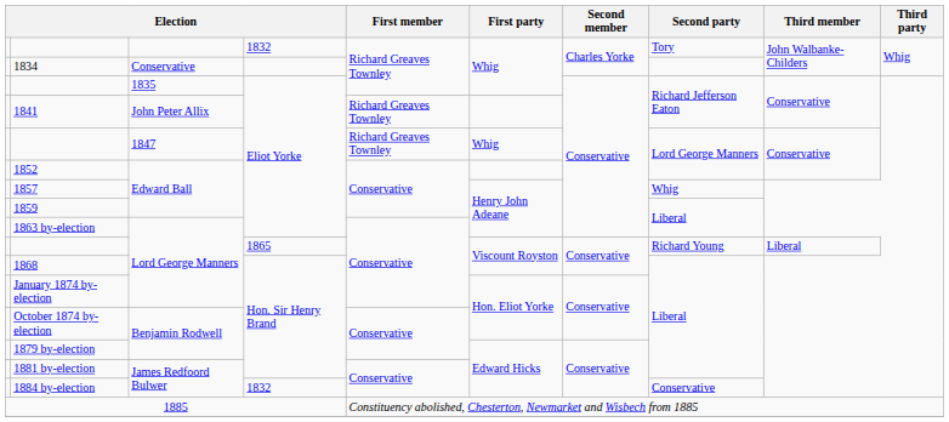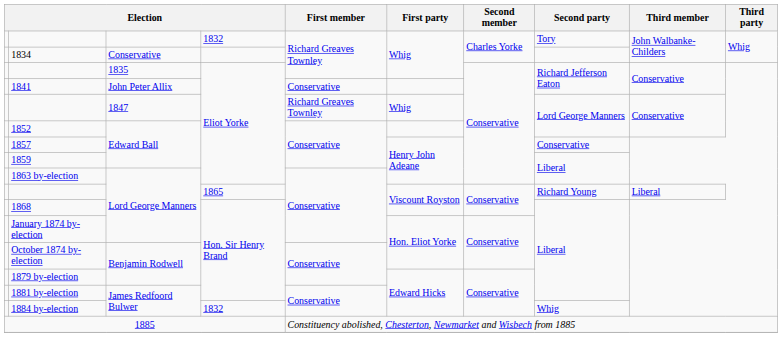 <table class="wikitable">
 <tr>
 <th colspan="4">Election</th>
 <th>First member</th>
 <th>First party</th>
 <th>Second member</th>
 <th>Second party</th>
 <th>Third member</th>
 <th>Third party</th>
 </tr>
 <tr>
 <td style="color:inherit;background-color: "></td>
 <td style="color:inherit;background-color: "></td>
 <td style="color:inherit;background-color: "></td>
 <td><a href='#'>1832</a></td>
 <td rowspan="3"><a href='#'>Richard Greaves Townley</a></td>
 <td rowspan="3"><a href='#'>Whig</a></td>
 <td rowspan="2"><a href='#'>Charles Yorke</a></td>
 <td><a href='#'>Tory</a></td>
 <td rowspan="2"><a href='#'>John Walbanke-Childers</a></td>
 <td rowspan="2"><a href='#'>Whig</a></td>
 </tr>
 <tr>
 <td style="color:inherit;background-color: "></td>
 <td>1834</td>
 <td><a href='#'>Conservative</a></td>
 </tr>
 <tr>
 <td style="color:inherit;background-color: "></td>
 <td style="color:inherit;background-color: "></td>
 <td><a href='#'>1835</a></td>
 <td rowspan="7"><a href='#'>Eliot Yorke</a></td>
 <td rowspan="7"><a href='#'>Conservative</a></td>
 <td rowspan="2"><a href='#'>Richard Jefferson Eaton</a></td>
 <td rowspan="2"><a href='#'>Conservative</a></td>
 </tr>
 <tr>
 <td style="color:inherit;background-color: "></td>
 <td><a href='#'>1841</a></td>
 <td><a href='#'>John Peter Allix</a></td>
-<td><a href='#'>Richard Greaves Townley</a></td>
+<td><a href='#'>Conservative</a></td>
 </tr>
 <tr>
 <td style="color:inherit;background-color: "></td>
 <td style="color:inherit;background-color: "></td>
 <td><a href='#'>1847</a></td>
 <td><a href='#'>Richard Greaves Townley</a></td>
 <td><a href='#'>Whig</a></td>
 <td rowspan="2"><a href='#'>Lord George Manners</a></td>
 <td rowspan="2"><a href='#'>Conservative</a></td>
 </tr>
 <tr>
 <td style="color:inherit;background-color: "></td>
 <td><a href='#'>1852</a></td>
 <td rowspan="3"><a href='#'>Edward Ball</a></td>
 <td rowspan="3"><a href='#'>Conservative</a></td>
 </tr>
 <tr>
 <td style="color:inherit;background-color: "></td>
 <td><a href='#'>1857</a></td>
 <td rowspan="3"><a href='#'>Henry John Adeane</a></td>
-<td><a href='#'>Whig</a></td>
+<td><a href='#'>Conservative</a></td>
 </tr>
 <tr>
 <td style="color:inherit;background-color: "></td>
 <td><a href='#'>1859</a></td>
 <td rowspan="2"><a href='#'>Liberal</a></td>
 </tr>
 <tr>
 <td style="color:inherit;background-color: "></td>
 <td><a href='#'>1863 by-election</a></td>
 <td rowspan="4"><a href='#'>Lord George Manners</a></td>
 <td rowspan="4"><a href='#'>Conservative</a></td>
 </tr>
 <tr>
 <td style="color:inherit;background-color: "></td>
 <td style="color:inherit;background-color: "></td>
 <td><a href='#'>1865</a></td>
 <td rowspan="2"><a href='#'>Viscount Royston</a></td>
 <td rowspan="2"><a href='#'>Conservative</a></td>
 <td><a href='#'>Richard Young</a></td>
 <td><a href='#'>Liberal</a></td>
 </tr>
 <tr>
 <td style="color:inherit;background-color: "></td>
 <td><a href='#'>1868</a></td>
 <td rowspan="5"><a href='#'>Hon. Sir Henry Brand</a></td>
 <td rowspan="5"><a href='#'>Liberal</a></td>
 </tr>
 <tr>
 <td style="color:inherit;background-color: "></td>
 <td><a href='#'>January 1874 by-election</a></td>
 <td rowspan="2"><a href='#'>Hon. Eliot Yorke</a></td>
 <td rowspan="2"><a href='#'>Conservative</a></td>
 </tr>
 <tr>
 <td style="color:inherit;background-color: "></td>
 <td><a href='#'>October 1874 by-election</a></td>
 <td rowspan="2"><a href='#'>Benjamin Rodwell</a></td>
 <td rowspan="2"><a href='#'>Conservative</a></td>
 </tr>
 <tr>
 <td style="color:inherit;background-color: "></td>
 <td><a href='#'>1879 by-election</a></td>
 <td rowspan="3"><a href='#'>Edward Hicks</a></td>
 <td rowspan="3"><a href='#'>Conservative</a></td>
 </tr>
 <tr>
 <td style="color:inherit;background-color: "></td>
 <td><a href='#'>1881 by-election</a></td>
 <td rowspan="2"><a href='#'>James Redfoord Bulwer</a></td>
 <td rowspan="2"><a href='#'>Conservative</a></td>
 </tr>
 <tr>
 <td style="color:inherit;background-color: "></td>
 <td><a href='#'>1884 by-election</a></td>
 <td><a href='#'>1832</a></td>
-<td><a href='#'>Conservative</a></td>
+<td><a href='#'>Whig</a></td>
 </tr>
 <tr>
 <td colspan="4" align="center"><a href='#'>1885</a></td>
 <td colspan="6"><em>Constituency abolished, <a href='#'>Chesterton</a>, <a href='#'>Newmarket</a> and <a href='#'>Wisbech</a> from 1885</em></td>
 </tr>
 <tr>
 </tr>
 </table>
